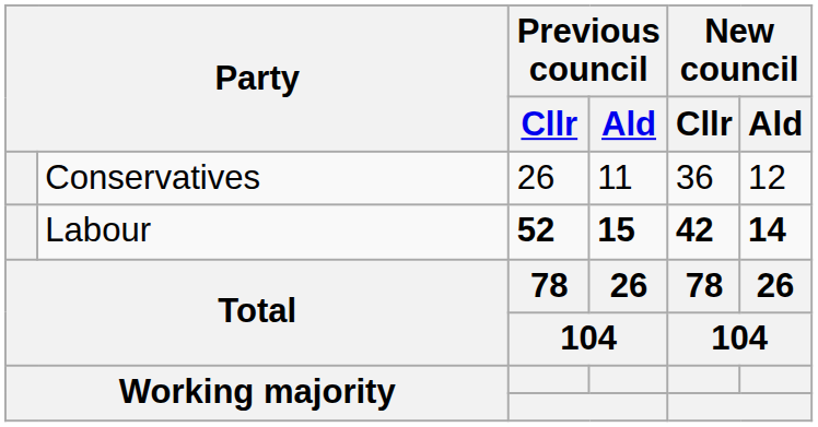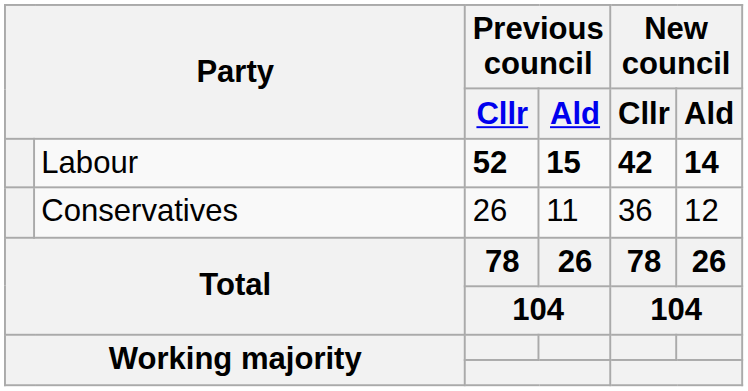 <table class="wikitable">
 <tr>
 <th colspan="2" rowspan="2" style="width: 230px">Party</th>
 <th valign=top colspan="2" style="width: 30px">Previous council</th>
 <th valign=top colspan="2" style="width: 30px">New council</th>
 </tr>
 <tr>
 <th><a href='#'>Cllr</a></th>
 <th><a href='#'>Ald</a></th>
 <th>Cllr</th>
 <th>Ald</th>
 </tr>
 <tr>
 <th style="background-color: "></th>
+<td>Labour</td>
+<td><strong>52</strong></td>
+<td><strong>15</strong></td>
+<td><strong>42</strong></td>
+<td><strong>14</strong></td>
+</tr>
+<tr>
+<th style="background-color: "></th>
 <td>Conservatives</td>
 <td>26</td>
 <td>11</td>
 <td>36</td>
 <td>12</td>
-</tr>
-<tr>
-<th style="background-color: "></th>
-<td>Labour</td>
-<td><strong>52</strong></td>
-<td><strong>15</strong></td>
-<td><strong>42</strong></td>
-<td><strong>14</strong></td>
 </tr>
 <tr>
 <th colspan="2" rowspan="2">Total</th>
 <th style="text-align: center">78</th>
 <th style="text-align: center">26</th>
 <th style="text-align: center">78</th>
 <th style="text-align: center">26</th>
 </tr>
 <tr>
 <th colspan="2" style="text-align: center">104</th>
 <th colspan="2" style="text-align: center">104</th>
 </tr>
 <tr>
 <th colspan="2" rowspan="2">Working majority</th>
 <th></th>
 <th></th>
 <th></th>
 <th></th>
 </tr>
 <tr>
 <th colspan="2"></th>
 <th colspan="2"></th>
 </tr>
 </table>
